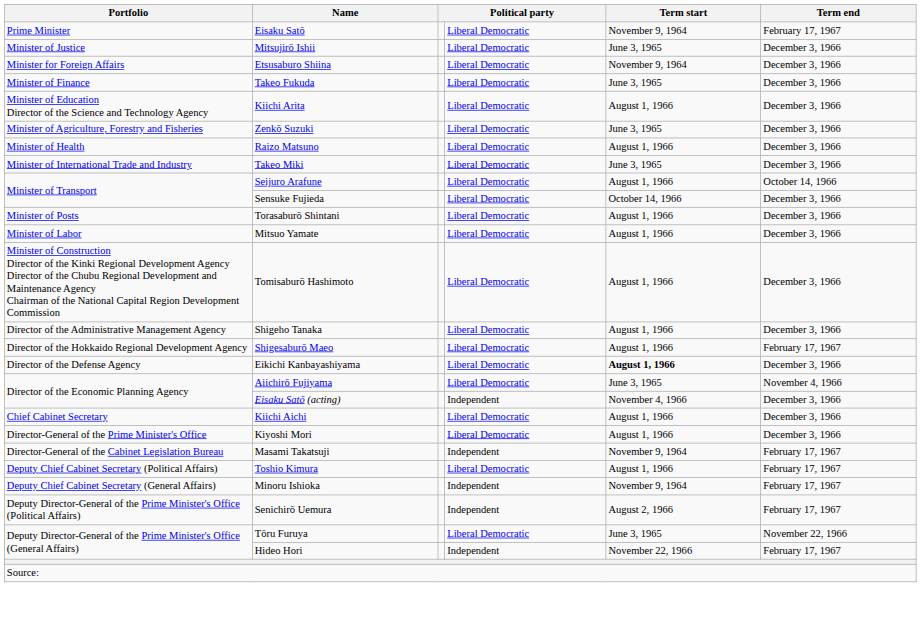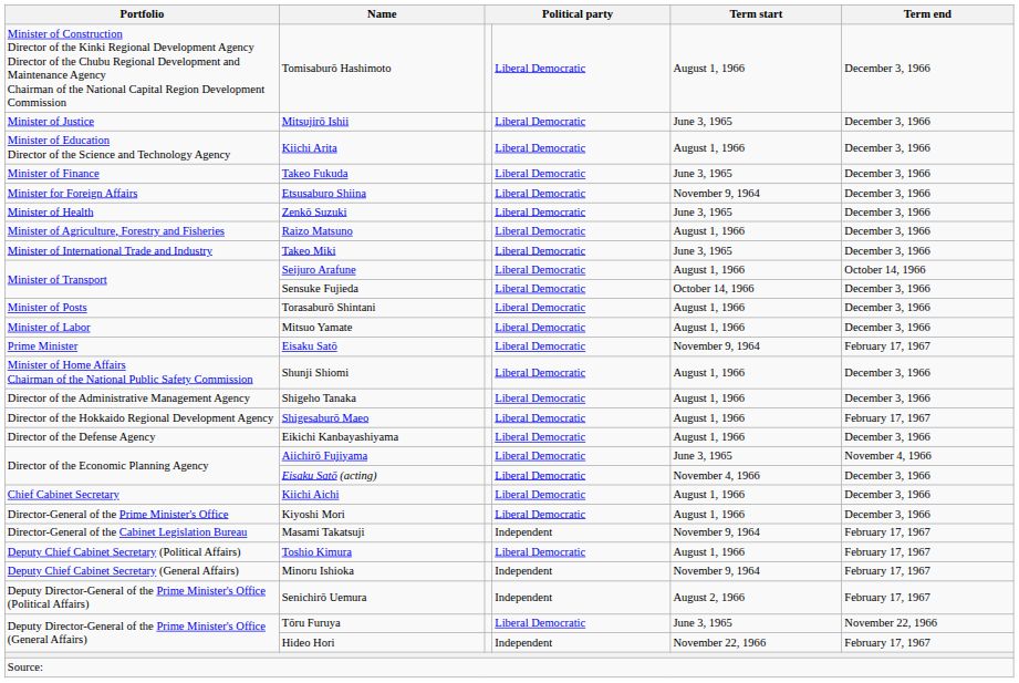 <table class="wikitable" style="font-size: 90%;">
 <tr>
 <th width="20%" scope="col">Portfolio</th>
 <th width="15%" scope="col">Name</th>
 <th colspan="2" width="13.5%" scope="col">Political party</th>
 <th width="12.5%" scope="col">Term start</th>
 <th width="12.5%" scope="col">Term end</th>
 </tr>
 <tr>
-<td style="text-align: left;"><a href='#'>Prime Minister</a></td>
-<td><a href='#'>Eisaku Satō</a></td>
-<td width="0.5%" style="background:"></td>
+<td><a href='#'>Minister of Construction</a><br>Director of the Kinki Regional Development Agency<br>Director of the Chubu Regional Development and Maintenance Agency<br>Chairman of the National Capital Region Development Commission</td>
+<td>Tomisaburō Hashimoto</td>
+<td style="color:inherit;background:"></td>
 <td><a href='#'>Liberal Democratic</a></td>
-<td>November 9, 1964</td>
-<td>February 17, 1967</td>
+<td>August 1, 1966</td>
+<td>December 3, 1966</td>
 </tr>
 <tr>
 <td><a href='#'>Minister of Justice</a></td>
 <td><a href='#'>Mitsujirō Ishii</a></td>
+<td style="color:inherit;background:"></td>
+<td><a href='#'>Liberal Democratic</a></td>
+<td>June 3, 1965</td>
+<td>December 3, 1966</td>
+</tr>
+<tr>
+<td><a href='#'>Minister of Education</a><br>Director of the Science and Technology Agency</td>
+<td><a href='#'>Kiichi Arita</a></td>
+<td style="color:inherit;background:"></td>
+<td><a href='#'>Liberal Democratic</a></td>
+<td>August 1, 1966</td>
+<td>December 3, 1966</td>
+</tr>
+<tr>
+<td><a href='#'>Minister of Finance</a></td>
+<td><a href='#'>Takeo Fukuda</a></td>
 <td style="color:inherit;background:"></td>
 <td><a href='#'>Liberal Democratic</a></td>
 <td>June 3, 1965</td>
 <td>December 3, 1966</td>
 </tr>
 <tr>
 <td><a href='#'>Minister for Foreign Affairs</a></td>
 <td><a href='#'>Etsusaburo Shiina</a></td>
 <td style="color:inherit;background:"></td>
 <td><a href='#'>Liberal Democratic</a></td>
 <td>November 9, 1964</td>
 <td>December 3, 1966</td>
 </tr>
 <tr>
-<td><a href='#'>Minister of Finance</a></td>
-<td><a href='#'>Takeo Fukuda</a></td>
-<td style="color:inherit;background:"></td>
-<td><a href='#'>Liberal Democratic</a></td>
-<td>June 3, 1965</td>
-<td>December 3, 1966</td>
-</tr>
-<tr>
-<td><a href='#'>Minister of Education</a><br>Director of the Science and Technology Agency</td>
-<td><a href='#'>Kiichi Arita</a></td>
-<td style="color:inherit;background:"></td>
-<td><a href='#'>Liberal Democratic</a></td>
-<td>August 1, 1966</td>
-<td>December 3, 1966</td>
-</tr>
-<tr>
-<td><a href='#'>Minister of Agriculture, Forestry and Fisheries</a></td>
+<td><a href='#'>Minister of Health</a></td>
 <td><a href='#'>Zenkō Suzuki</a></td>
 <td style="color:inherit;background:"></td>
 <td><a href='#'>Liberal Democratic</a></td>
 <td>June 3, 1965</td>
 <td>December 3, 1966</td>
 </tr>
 <tr>
-<td><a href='#'>Minister of Health</a></td>
+<td><a href='#'>Minister of Agriculture, Forestry and Fisheries</a></td>
 <td><a href='#'>Raizo Matsuno</a></td>
 <td style="color:inherit;background:"></td>
 <td><a href='#'>Liberal Democratic</a></td>
 <td>August 1, 1966</td>
 <td>December 3, 1966</td>
 </tr>
 <tr>
 <td><a href='#'>Minister of International Trade and Industry</a></td>
 <td><a href='#'>Takeo Miki</a></td>
 <td style="color:inherit;background:"></td>
 <td><a href='#'>Liberal Democratic</a></td>
 <td>June 3, 1965</td>
 <td>December 3, 1966</td>
 </tr>
 <tr>
 <td rowspan="2"><a href='#'>Minister of Transport</a></td>
 <td><a href='#'>Seijuro Arafune</a></td>
 <td style="color:inherit;background:"></td>
 <td><a href='#'>Liberal Democratic</a></td>
 <td>August 1, 1966</td>
 <td>October 14, 1966</td>
 </tr>
 <tr>
 <td>Sensuke Fujieda</td>
 <td style="color:inherit;background:"></td>
 <td><a href='#'>Liberal Democratic</a></td>
 <td>October 14, 1966</td>
 <td>December 3, 1966</td>
 </tr>
 <tr>
 <td><a href='#'>Minister of Posts</a></td>
 <td>Torasaburō Shintani</td>
 <td style="color:inherit;background:"></td>
 <td><a href='#'>Liberal Democratic</a></td>
 <td>August 1, 1966</td>
 <td>December 3, 1966</td>
 </tr>
 <tr>
 <td><a href='#'>Minister of Labor</a></td>
 <td>Mitsuo Yamate</td>
 <td style="color:inherit;background:"></td>
 <td><a href='#'>Liberal Democratic</a></td>
 <td>August 1, 1966</td>
 <td>December 3, 1966</td>
 </tr>
 <tr>
-<td><a href='#'>Minister of Construction</a><br>Director of the Kinki Regional Development Agency<br>Director of the Chubu Regional Development and Maintenance Agency<br>Chairman of the National Capital Region Development Commission</td>
-<td>Tomisaburō Hashimoto</td>
+<td style="text-align: left;"><a href='#'>Prime Minister</a></td>
+<td><a href='#'>Eisaku Satō</a></td>
+<td width="0.5%" style="background:"></td>
+<td><a href='#'>Liberal Democratic</a></td>
+<td>November 9, 1964</td>
+<td>February 17, 1967</td>
+</tr>
+<tr>
+<td><a href='#'>Minister of Home Affairs</a><br><a href='#'>Chairman of the National Public Safety Commission</a></td>
+<td>Shunji Shiomi</td>
 <td style="color:inherit;background:"></td>
 <td><a href='#'>Liberal Democratic</a></td>
 <td>August 1, 1966</td>
 <td>December 3, 1966</td>
 </tr>
 <tr>
 <td>Director of the Administrative Management Agency</td>
 <td>Shigeho Tanaka</td>
 <td style="color:inherit;background:"></td>
 <td><a href='#'>Liberal Democratic</a></td>
 <td>August 1, 1966</td>
 <td>December 3, 1966</td>
 </tr>
 <tr>
 <td>Director of the Hokkaido Regional Development Agency</td>
 <td><a href='#'>Shigesaburō Maeo</a></td>
 <td style="color:inherit;background:"></td>
 <td><a href='#'>Liberal Democratic</a></td>
 <td>August 1, 1966</td>
 <td>February 17, 1967</td>
 </tr>
 <tr>
 <td>Director of the Defense Agency</td>
 <td>Eikichi Kanbayashiyama</td>
 <td style="color:inherit;background:"></td>
 <td><a href='#'>Liberal Democratic</a></td>
-<td><strong>August 1, 1966</strong></td>
+<td>August 1, 1966</td>
 <td>December 3, 1966</td>
 </tr>
 <tr>
 <td rowspan="2">Director of the Economic Planning Agency</td>
 <td><a href='#'>Aiichirō Fujiyama</a></td>
 <td style="color:inherit;background:"></td>
 <td><a href='#'>Liberal Democratic</a></td>
 <td>June 3, 1965</td>
 <td>November 4, 1966</td>
 </tr>
 <tr>
 <td><em><a href='#'>Eisaku Satō</a> (acting)</em></td>
 <td style="color:inherit;background:"></td>
-<td>Independent</td>
+<td><a href='#'>Liberal Democratic</a></td>
 <td>November 4, 1966</td>
 <td>December 3, 1966</td>
 </tr>
 <tr>
 <td><a href='#'>Chief Cabinet Secretary</a></td>
 <td><a href='#'>Kiichi Aichi</a></td>
 <td style="color:inherit;background:"></td>
 <td><a href='#'>Liberal Democratic</a></td>
 <td>August 1, 1966</td>
 <td>December 3, 1966</td>
 </tr>
 <tr>
 <td>Director-General of the <a href='#'>Prime Minister's Office</a></td>
 <td>Kiyoshi Mori</td>
 <td style="color:inherit;background:"></td>
 <td><a href='#'>Liberal Democratic</a></td>
 <td>August 1, 1966</td>
 <td>December 3, 1966</td>
 </tr>
 <tr>
 <td>Director-General of the <a href='#'>Cabinet Legislation Bureau</a></td>
 <td>Masami Takatsuji</td>
 <td style="color:inherit;background:"></td>
 <td>Independent</td>
 <td>November 9, 1964</td>
 <td>February 17, 1967</td>
 </tr>
 <tr>
 <td><a href='#'>Deputy Chief Cabinet Secretary</a> (Political Affairs)</td>
 <td><a href='#'>Toshio Kimura</a></td>
 <td style="color:inherit;background:"></td>
 <td><a href='#'>Liberal Democratic</a></td>
 <td>August 1, 1966</td>
 <td>February 17, 1967</td>
 </tr>
 <tr>
 <td><a href='#'>Deputy Chief Cabinet Secretary</a> (General Affairs)</td>
 <td>Minoru Ishioka</td>
 <td style="color:inherit;background:"></td>
 <td>Independent</td>
 <td>November 9, 1964</td>
 <td>February 17, 1967</td>
 </tr>
 <tr>
 <td>Deputy Director-General of the <a href='#'>Prime Minister's Office</a> (Political Affairs)</td>
 <td>Senichirō Uemura</td>
 <td style="color:inherit;background:"></td>
 <td>Independent</td>
 <td>August 2, 1966</td>
 <td>February 17, 1967</td>
 </tr>
 <tr>
 <td rowspan="2">Deputy Director-General of the <a href='#'>Prime Minister's Office</a> (General Affairs)</td>
 <td>Tōru Furuya</td>
 <td style="color:inherit;background:"></td>
 <td><a href='#'>Liberal Democratic</a></td>
 <td>June 3, 1965</td>
 <td>November 22, 1966</td>
 </tr>
 <tr>
 <td>Hideo Hori</td>
 <td style="color:inherit;background:"></td>
 <td>Independent</td>
 <td>November 22, 1966</td>
 <td>February 17, 1967</td>
 </tr>
 <tr>
 <th colspan="6"></th>
 </tr>
 <tr>
 <td colspan="6">Source:</td>
 </tr>
 </table>
